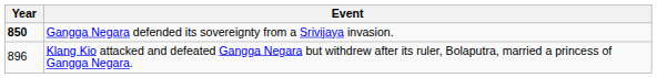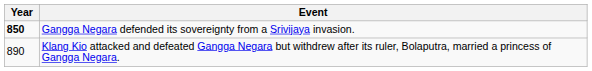 <table class="wikitable" width="100%">
 <tr>
 <th style="width:6%">Year</th>
 <th>Event</th>
 </tr>
 <tr>
 <td><strong>850</strong></td>
 <td><a href='#'>Gangga Negara</a> defended its sovereignty from a <a href='#'>Srivijaya</a> invasion.</td>
 </tr>
 <tr>
-<td>896</td>
+<td>890</td>
 <td><a href='#'>Klang Kio</a> attacked and defeated <a href='#'>Gangga Negara</a> but withdrew after its ruler, Bolaputra, married a princess of <a href='#'>Gangga Negara</a>.</td>
 </tr>
 </table>
